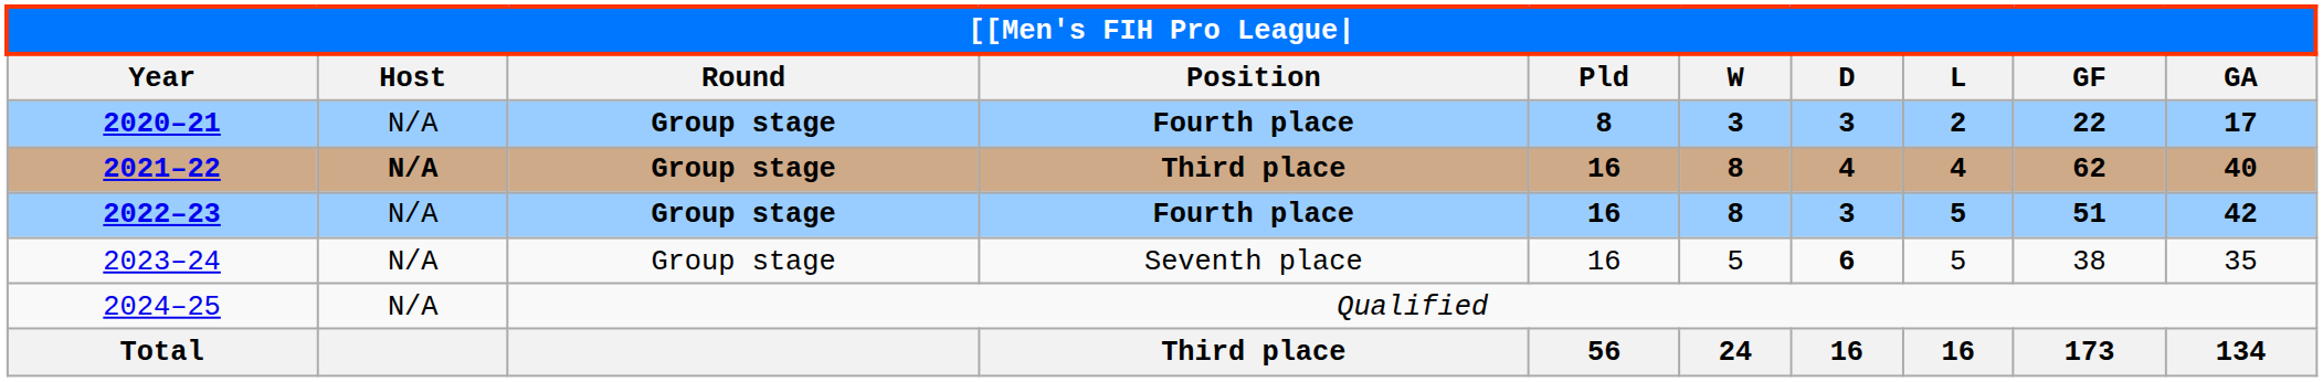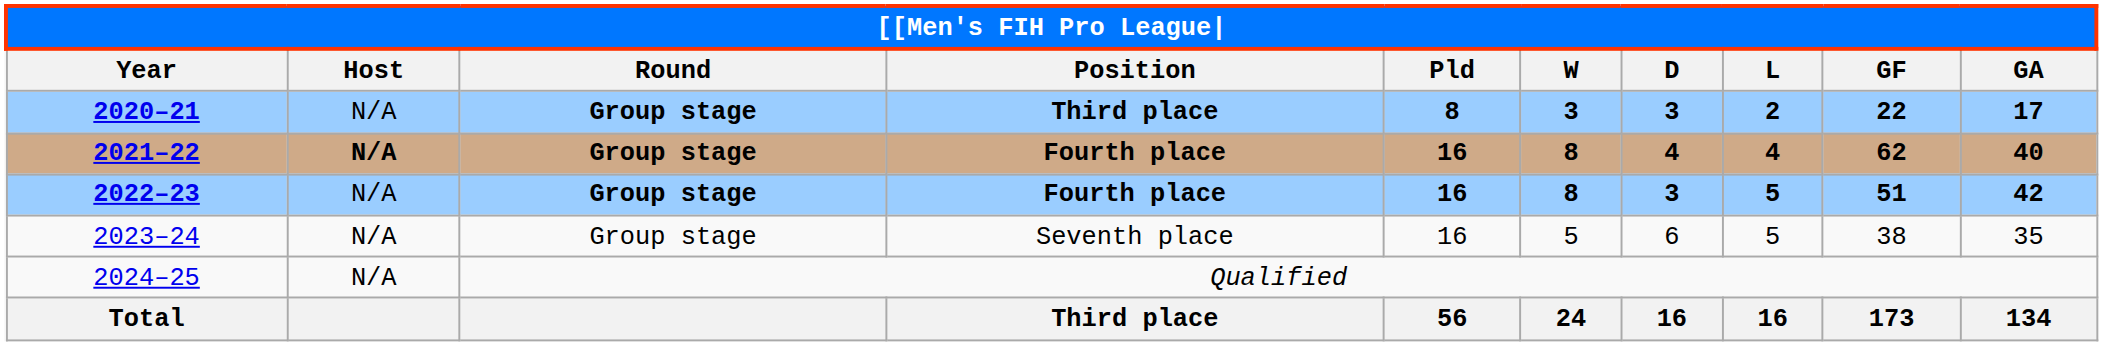 <table class="wikitable" style="text-align: center; width:85%">
 <tr>
 <th colspan=10 style="background: #0077FF;border: 2px solid #ff3300;color: #FFFFFF;">[[Men's FIH Pro League|</th>
 </tr>
 <tr>
 <th>Year</th>
 <th>Host</th>
 <th>Round</th>
 <th>Position</th>
 <th>Pld</th>
 <th>W</th>
 <th>D</th>
 <th>L</th>
 <th>GF</th>
 <th>GA</th>
 </tr>
 <tr bgcolor=#9acdff>
 <td><strong><a href='#'>2020–21</a></strong></td>
 <td>N/A</td>
 <td><strong>Group stage</strong></td>
-<td><strong>Fourth place</strong></td>
+<td><strong>Third place</strong></td>
 <td><strong>8</strong></td>
 <td><strong>3</strong></td>
 <td><strong>3</strong></td>
 <td><strong>2</strong></td>
 <td><strong>22</strong></td>
 <td><strong>17</strong></td>
 </tr>
 <tr bgcolor=#CFAA88>
 <td><strong><a href='#'>2021–22</a></strong></td>
 <td><strong>N/A</strong></td>
 <td><strong>Group stage</strong></td>
-<td><strong>Third place</strong></td>
+<td><strong>Fourth place</strong></td>
 <td><strong>16</strong></td>
 <td><strong>8</strong></td>
 <td><strong>4</strong></td>
 <td><strong>4</strong></td>
 <td><strong>62</strong></td>
 <td><strong>40</strong></td>
 </tr>
 <tr bgcolor=#9acdff>
 <td><strong><a href='#'>2022–23</a></strong></td>
 <td>N/A</td>
 <td><strong>Group stage</strong></td>
 <td><strong>Fourth place</strong></td>
 <td><strong>16</strong></td>
 <td><strong>8</strong></td>
 <td><strong>3</strong></td>
 <td><strong>5</strong></td>
 <td><strong>51</strong></td>
 <td><strong>42</strong></td>
 </tr>
 <tr>
 <td><a href='#'>2023–24</a></td>
 <td>N/A</td>
 <td>Group stage</td>
 <td>Seventh place</td>
 <td>16</td>
 <td>5</td>
-<td><strong>6</strong></td>
+<td>6</td>
 <td>5</td>
 <td>38</td>
 <td>35</td>
 </tr>
 <tr>
 <td><a href='#'>2024–25</a></td>
 <td>N/A</td>
 <td colspan=8><em>Qualified</em></td>
 </tr>
 <tr>
 <th>Total</th>
 <th></th>
 <th></th>
 <th>Third place</th>
 <th>56</th>
 <th>24</th>
 <th>16</th>
 <th>16</th>
 <th>173</th>
 <th>134</th>
 </tr>
 </table>
